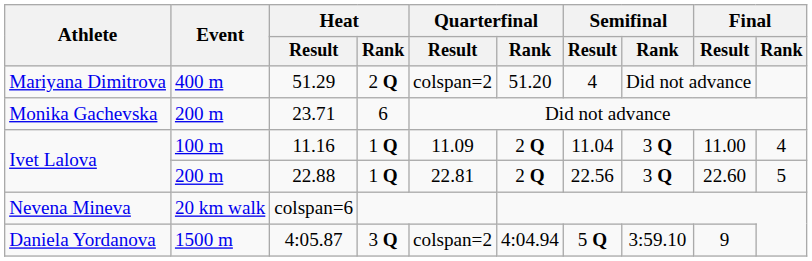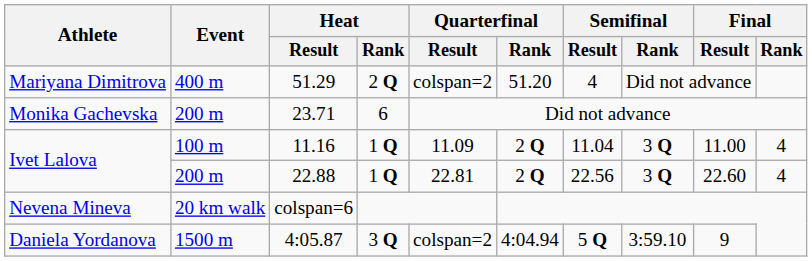 <table class=wikitable style="font-size:90%">
 <tr>
 <th rowspan="2">Athlete</th>
 <th rowspan="2">Event</th>
 <th colspan="2">Heat</th>
 <th colspan="2">Quarterfinal</th>
 <th colspan="2">Semifinal</th>
 <th colspan="2">Final</th>
 </tr>
 <tr style="font-size:95%">
 <th>Result</th>
 <th>Rank</th>
 <th>Result</th>
 <th>Rank</th>
 <th>Result</th>
 <th>Rank</th>
 <th>Result</th>
 <th>Rank</th>
 </tr>
 <tr align=center>
 <td align=left><a href='#'>Mariyana Dimitrova</a></td>
 <td align=left><a href='#'>400 m</a></td>
 <td>51.29</td>
 <td>2 <strong>Q</strong></td>
 <td>colspan=2 </td>
 <td>51.20</td>
 <td>4</td>
 <td colspan=2>Did not advance</td>
 </tr>
 <tr align=center>
 <td align=left><a href='#'>Monika Gachevska</a></td>
 <td align=left><a href='#'>200 m</a></td>
 <td>23.71</td>
 <td>6</td>
 <td colspan=6>Did not advance</td>
 </tr>
 <tr align=center>
 <td align=left rowspan=2><a href='#'>Ivet Lalova</a></td>
 <td align=left><a href='#'>100 m</a></td>
 <td>11.16</td>
 <td>1 <strong>Q</strong></td>
 <td>11.09</td>
 <td>2 <strong>Q</strong></td>
 <td>11.04</td>
 <td>3 <strong>Q</strong></td>
 <td>11.00</td>
 <td>4</td>
 </tr>
 <tr align=center>
 <td align=left><a href='#'>200 m</a></td>
 <td>22.88</td>
 <td>1 <strong>Q</strong></td>
 <td>22.81</td>
 <td>2 <strong>Q</strong></td>
 <td>22.56</td>
 <td>3 <strong>Q</strong></td>
 <td>22.60</td>
-<td>5</td>
+<td>4</td>
 </tr>
 <tr align=center>
 <td align=left><a href='#'>Nevena Mineva</a></td>
 <td align=left><a href='#'>20 km walk</a></td>
 <td>colspan=6 </td>
 <td colspan=2></td>
 </tr>
 <tr align=center>
 <td align=left><a href='#'>Daniela Yordanova</a></td>
 <td align=left><a href='#'>1500 m</a></td>
 <td>4:05.87</td>
 <td>3 <strong>Q</strong></td>
 <td>colspan=2 </td>
 <td>4:04.94</td>
 <td>5 <strong>Q</strong></td>
 <td>3:59.10</td>
 <td>9</td>
 </tr>
 </table>
